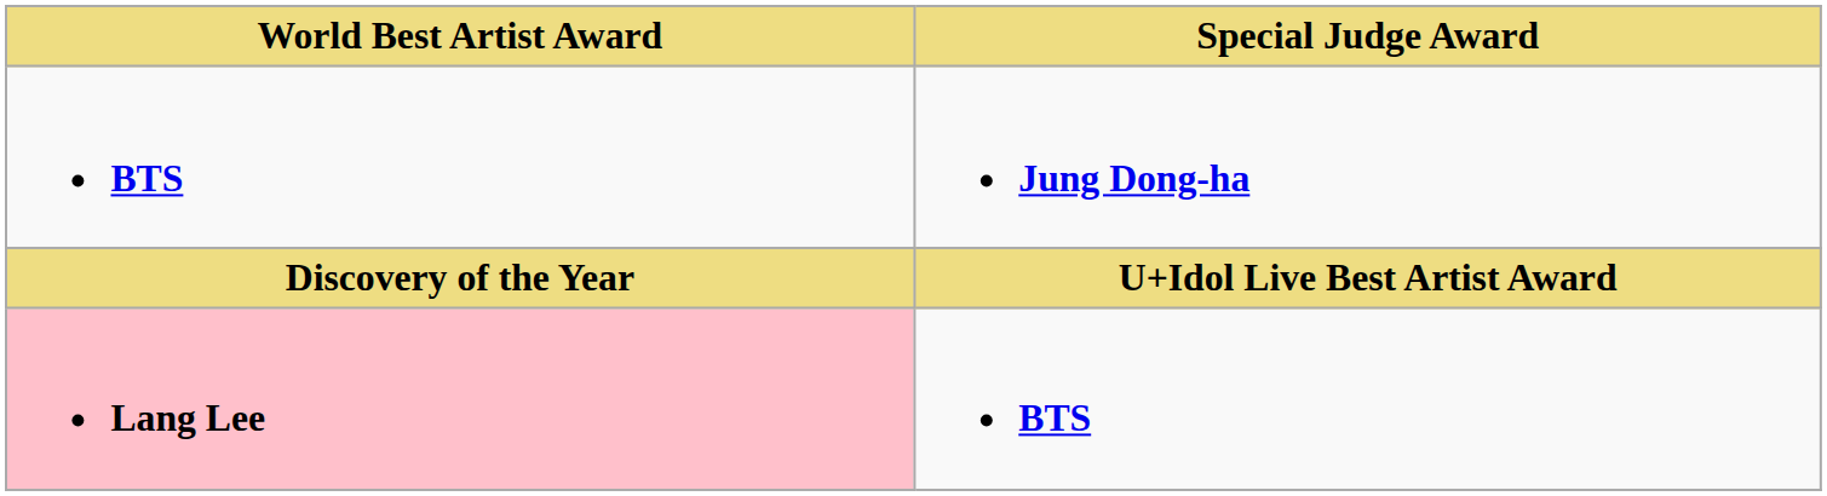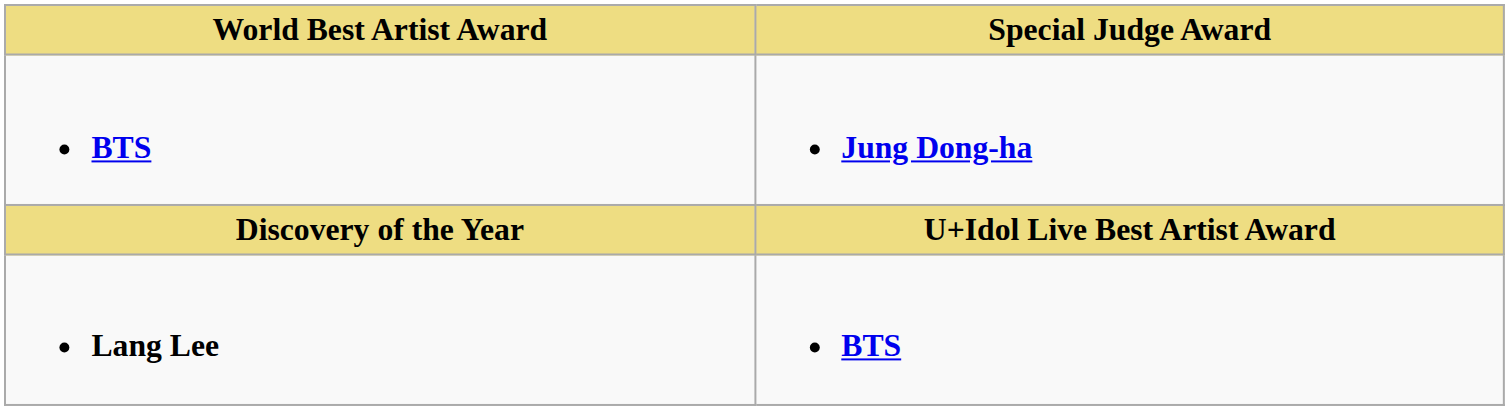 <table class="wikitable" style="width:60%">
 <tr>
 <th scope="col" style="background:#EEDD82; width:30%">World Best Artist Award</th>
 <th scope="col" style="background:#EEDD82; width:30%">Special Judge Award</th>
 </tr>
 <tr>
 <td style="vertical-align:top"><br><ul><li><strong><a href='#'>BTS</a></strong></li></ul></td>
 <td style="vertical-align:top"><br><ul><li><strong><a href='#'>Jung Dong-ha</a></strong></li></ul></td>
 </tr>
 <tr>
 <th scope="col" style="background:#EEDD82">Discovery of the Year</th>
 <th scope="col" style="background:#EEDD82">U+Idol Live Best Artist Award</th>
 </tr>
 <tr>
-<td style="background: pink; vertical-align:top"><br><ul><li><strong>Lang Lee</strong></li></ul></td>
+<td style="vertical-align:top"><br><ul><li><strong>Lang Lee</strong></li></ul></td>
 <td colspan="2" style="vertical-align:top"><br><ul><li><strong><a href='#'>BTS</a></strong></li></ul></td>
 </tr>
 </table>
